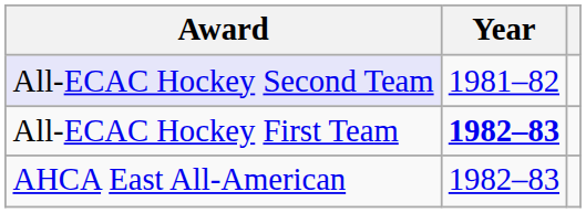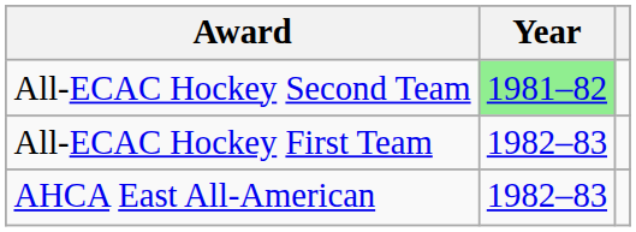 <table class="wikitable">
 <tr>
 <th>Award</th>
 <th>Year</th>
 <th></th>
 </tr>
 <tr>
-<td style="background: lavender;">All-<a href='#'>ECAC Hockey</a> <a href='#'>Second Team</a></td>
-<td><a href='#'>1981–82</a></td>
+<td>All-<a href='#'>ECAC Hockey</a> <a href='#'>Second Team</a></td>
+<td style="background: lightgreen;"><a href='#'>1981–82</a></td>
 <td></td>
 </tr>
 <tr>
 <td>All-<a href='#'>ECAC Hockey</a> <a href='#'>First Team</a></td>
-<td><strong><a href='#'>1982–83</a></strong></td>
+<td><a href='#'>1982–83</a></td>
 <td></td>
 </tr>
 <tr>
 <td><a href='#'>AHCA</a> <a href='#'>East All-American</a></td>
 <td><a href='#'>1982–83</a></td>
 <td></td>
 </tr>
 </table>
